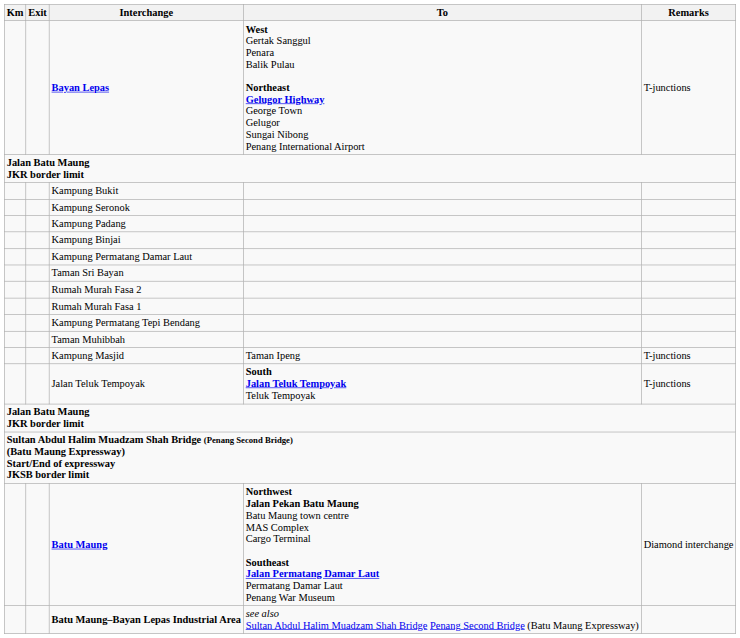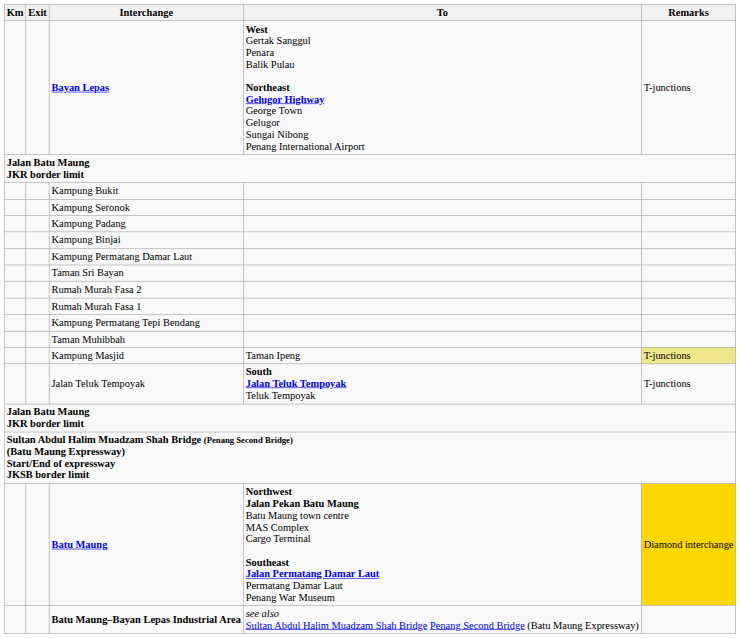 <table class="wikitable">
 <tr>
 <th>Km</th>
 <th>Exit</th>
 <th>Interchange</th>
 <th>To</th>
 <th>Remarks</th>
 </tr>
 <tr>
 <td></td>
 <td></td>
 <td><strong><a href='#'>Bayan Lepas</a></strong></td>
 <td><strong>West</strong><br> Gertak Sanggul<br> Penara<br> Balik Pulau<br><br><strong>Northeast</strong><br> <strong><a href='#'>Gelugor Highway</a></strong><br>George Town<br>Gelugor<br>Sungai Nibong<br>Penang International Airport </td>
 <td>T-junctions</td>
 </tr>
 <tr>
 <td style="width:600px" colspan="6" style="text-align:center;background-color:blue;color:white;"> <strong>Jalan Batu Maung<br>JKR border limit</strong></td>
 </tr>
 <tr>
 <td></td>
 <td></td>
 <td>Kampung Bukit</td>
 <td></td>
 <td></td>
 </tr>
 <tr>
 <td></td>
 <td></td>
 <td>Kampung Seronok</td>
 <td></td>
 <td></td>
 </tr>
 <tr>
 <td></td>
 <td></td>
 <td>Kampung Padang</td>
 <td></td>
 <td></td>
 </tr>
 <tr>
 <td></td>
 <td></td>
 <td>Kampung Binjai</td>
 <td></td>
 <td></td>
 </tr>
 <tr>
 <td></td>
 <td></td>
 <td>Kampung Permatang Damar Laut</td>
 <td></td>
 <td></td>
 </tr>
 <tr>
 <td></td>
 <td></td>
 <td>Taman Sri Bayan</td>
 <td></td>
 <td></td>
 </tr>
 <tr>
 <td></td>
 <td></td>
 <td>Rumah Murah Fasa 2</td>
 <td></td>
 <td></td>
 </tr>
 <tr>
 <td></td>
 <td></td>
 <td>Rumah Murah Fasa 1</td>
 <td></td>
 <td></td>
 </tr>
 <tr>
 <td></td>
 <td></td>
 <td>Kampung Permatang Tepi Bendang</td>
 <td></td>
 <td></td>
 </tr>
 <tr>
 <td></td>
 <td></td>
 <td>Taman Muhibbah</td>
 <td></td>
 <td></td>
 </tr>
 <tr>
 <td></td>
 <td></td>
 <td>Kampung Masjid</td>
 <td>Taman Ipeng</td>
-<td>T-junctions</td>
+<td style="background: khaki;">T-junctions</td>
 </tr>
 <tr>
 <td></td>
 <td></td>
 <td>Jalan Teluk Tempoyak</td>
 <td><strong>South</strong><br> <strong><a href='#'>Jalan Teluk Tempoyak</a></strong><br>Teluk Tempoyak</td>
 <td>T-junctions</td>
 </tr>
 <tr>
 <td style="width:600px" colspan="6" style="text-align:center;background-color:blue;color:white;"><strong> Jalan Batu Maung<br>JKR border limit</strong></td>
 </tr>
 <tr>
 <td style="width:600px" colspan="6" style="text-align:center;background-color:green;color:white;">  <strong>Sultan Abdul Halim Muadzam Shah Bridge <small>(Penang Second Bridge)</small><br>(Batu Maung Expressway)<br>Start/End of expressway<br>JKSB border limit</strong></td>
 </tr>
 <tr>
 <td></td>
 <td></td>
 <td><strong><a href='#'>Batu Maung</a></strong></td>
 <td><strong>Northwest</strong><br><strong>Jalan Pekan Batu Maung</strong><br>Batu Maung town centre<br>MAS Complex<br>Cargo Terminal<br><br><strong>Southeast</strong><br> <strong><a href='#'>Jalan Permatang Damar Laut</a></strong><br>Permatang Damar Laut<br>Penang War Museum</td>
-<td>Diamond interchange</td>
+<td style="background: gold;">Diamond interchange</td>
 </tr>
 <tr>
 <td></td>
 <td></td>
 <td><strong>Batu Maung–Bayan Lepas Industrial Area</strong></td>
 <td><em>see also</em><br>  <a href='#'>Sultan Abdul Halim Muadzam Shah Bridge</a> <a href='#'>Penang Second Bridge</a> (Batu Maung Expressway)</td>
 <td></td>
 </tr>
 </table>
